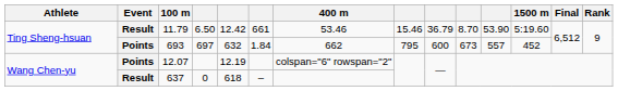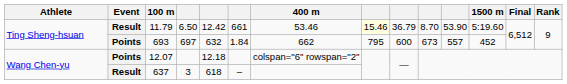 <table class="wikitable" style="font-size:90%; text-align:center">
 <tr>
 <th width="150">Athlete</th>
 <th width="50">Event</th>
 <th>100 m</th>
 <th></th>
 <th></th>
 <th></th>
 <th>400 m</th>
 <th></th>
 <th></th>
 <th></th>
 <th></th>
 <th>1500 m</th>
 <th>Final</th>
 <th>Rank</th>
 </tr>
 <tr>
 <td align="left" rowspan="2"><a href='#'>Ting Sheng-hsuan</a></td>
 <th>Result</th>
 <td>11.79</td>
 <td>6.50</td>
 <td>12.42</td>
 <td>661</td>
 <td>53.46</td>
-<td>15.46</td>
+<td style="background: lightyellow;">15.46</td>
 <td>36.79 </td>
 <td>8.70</td>
 <td>53.90 </td>
 <td>5:19.60</td>
 <td rowspan="2">6,512</td>
 <td rowspan="2">9</td>
 </tr>
 <tr>
 <th>Points</th>
 <td>693</td>
 <td>697</td>
 <td>632</td>
 <td>1.84</td>
 <td>662</td>
 <td>795</td>
 <td>600</td>
 <td>673</td>
 <td>557</td>
 <td>452</td>
 </tr>
 <tr>
 <td align="left" rowspan="2"><a href='#'>Wang Chen-yu</a></td>
 <th>Points</th>
 <td>12.07</td>
 <td></td>
-<td>12.19</td>
+<td>12.18</td>
 <td></td>
 <td>colspan="6" rowspan="2" </td>
 <td rowspan="2"></td>
 <td rowspan="2">—</td>
 </tr>
 <tr>
 <th>Result</th>
 <td>637</td>
-<td>0</td>
+<td>3</td>
 <td>618</td>
 <td>–</td>
 </tr>
 </table>
